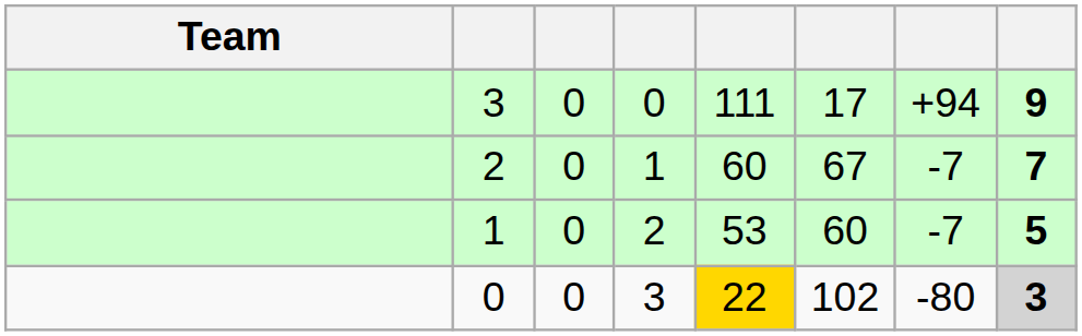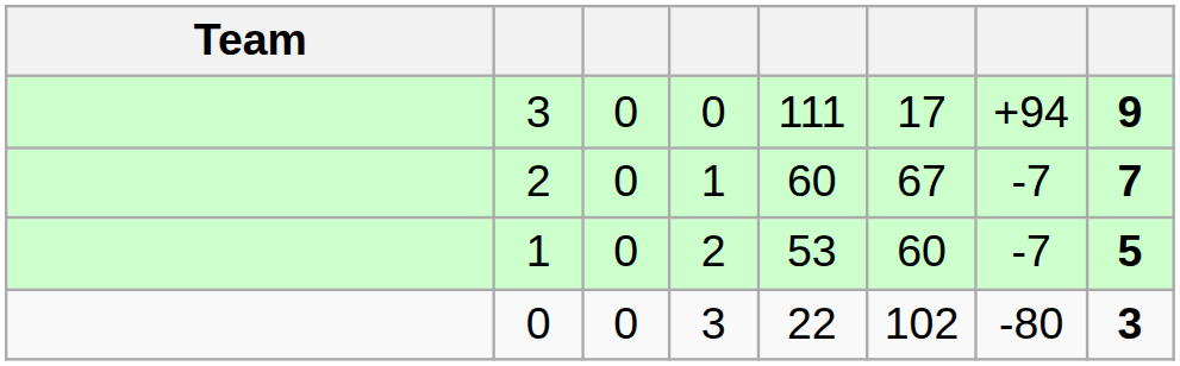 <table class="wikitable" style="text-align:center;">
 <tr>
 <th style="width:10.5em;">Team</th>
 <th style="width:1.5em;"></th>
 <th style="width:1.5em;"></th>
 <th style="width:1.5em;"></th>
 <th style="width:2.0em;"></th>
 <th style="width:2.0em;"></th>
 <th style="width:2.0em;"></th>
 <th style="width:1.5em;"></th>
 </tr>
 <tr bgcolor=#cfc>
 <td align="left"></td>
 <td>3</td>
 <td>0</td>
 <td>0</td>
 <td>111</td>
 <td>17</td>
 <td>+94</td>
 <td><strong>9</strong></td>
 </tr>
 <tr bgcolor=#cfc>
 <td align="left"></td>
 <td>2</td>
 <td>0</td>
 <td>1</td>
 <td>60</td>
 <td>67</td>
 <td>-7</td>
 <td><strong>7</strong></td>
 </tr>
 <tr bgcolor=#cfc>
 <td align="left"></td>
 <td>1</td>
 <td>0</td>
 <td>2</td>
 <td>53</td>
 <td>60</td>
 <td>-7</td>
 <td><strong>5</strong></td>
 </tr>
 <tr>
 <td align="left"></td>
 <td>0</td>
 <td>0</td>
 <td>3</td>
-<td style="background: gold;">22</td>
+<td>22</td>
 <td>102</td>
 <td>-80</td>
-<td style="background: lightgrey;"><strong>3</strong></td>
+<td><strong>3</strong></td>
 </tr>
 </table>
